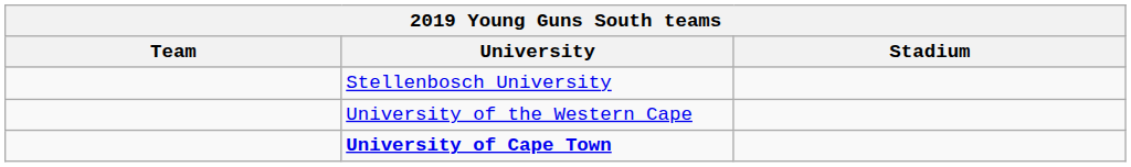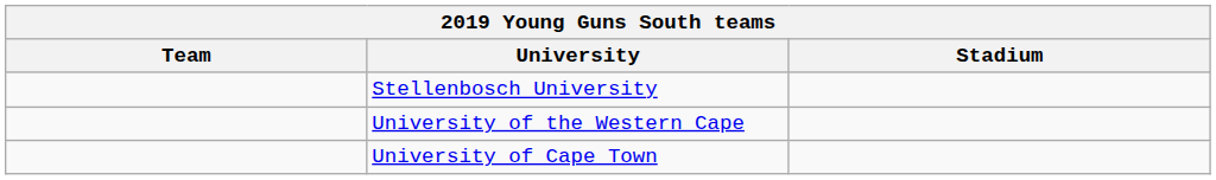 <table class="wikitable sortable" style="text-align:left; font-size:100%; width:60%">
 <tr>
 <th colspan="100%">2019 Young Guns South teams</th>
 </tr>
 <tr>
 <th style="width:30%;">Team</th>
 <th style="width:35%;">University</th>
 <th style="width:35%;">Stadium</th>
 </tr>
 <tr>
 <td></td>
 <td><a href='#'>Stellenbosch University</a></td>
 <td></td>
 </tr>
 <tr>
 <td></td>
 <td><a href='#'>University of the Western Cape</a></td>
 <td></td>
 </tr>
 <tr>
 <td></td>
-<td><strong><a href='#'>University of Cape Town</a></strong></td>
+<td><a href='#'>University of Cape Town</a></td>
 <td></td>
 </tr>
 </table>
